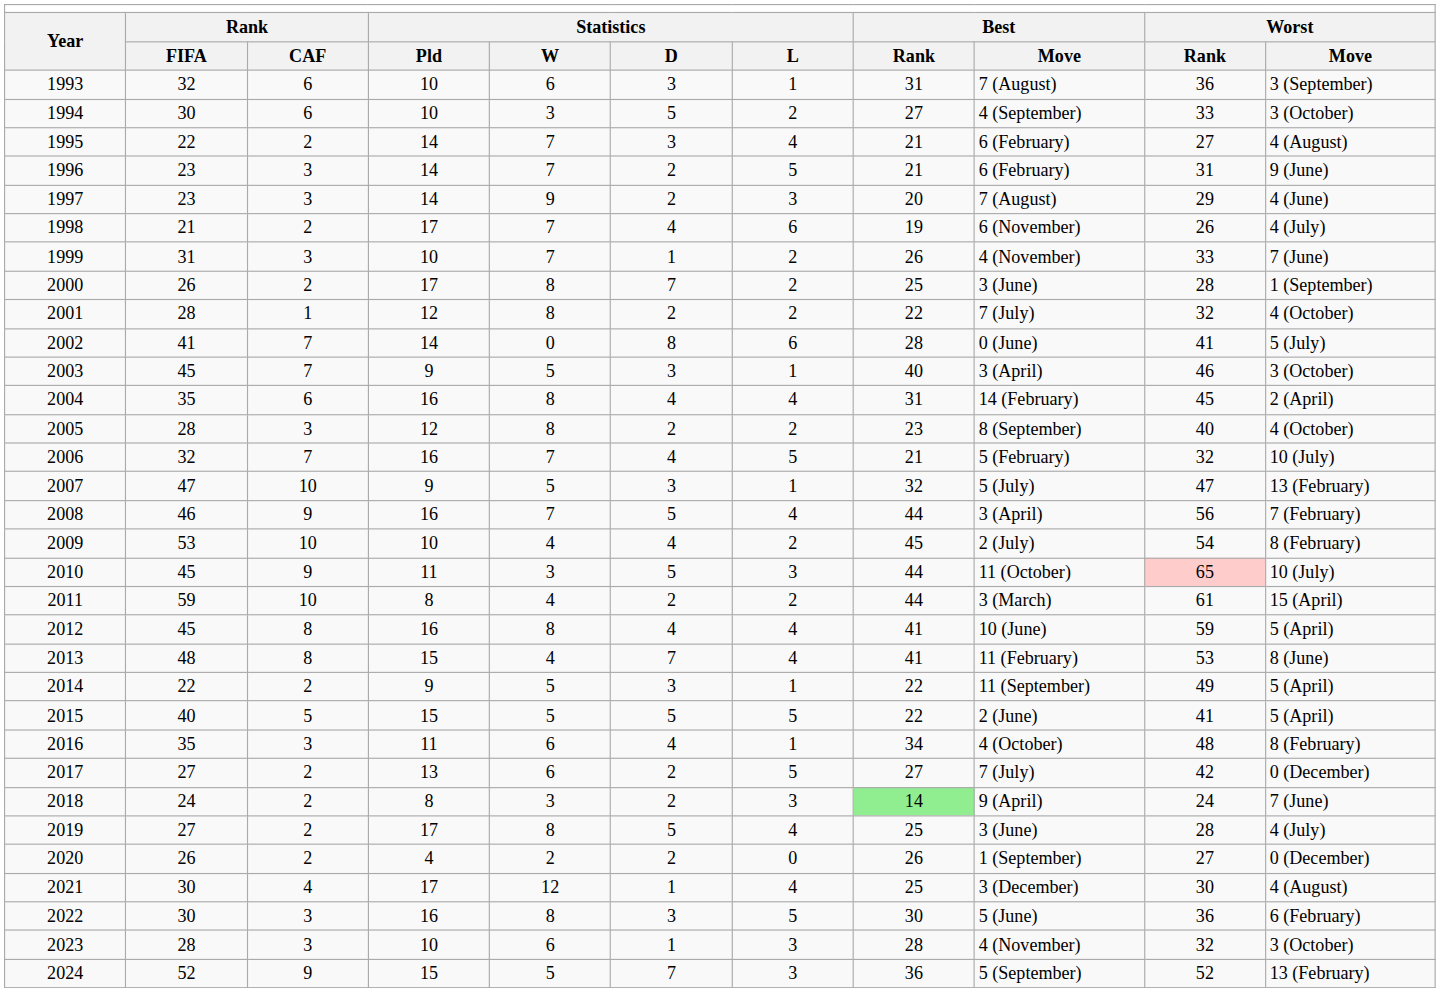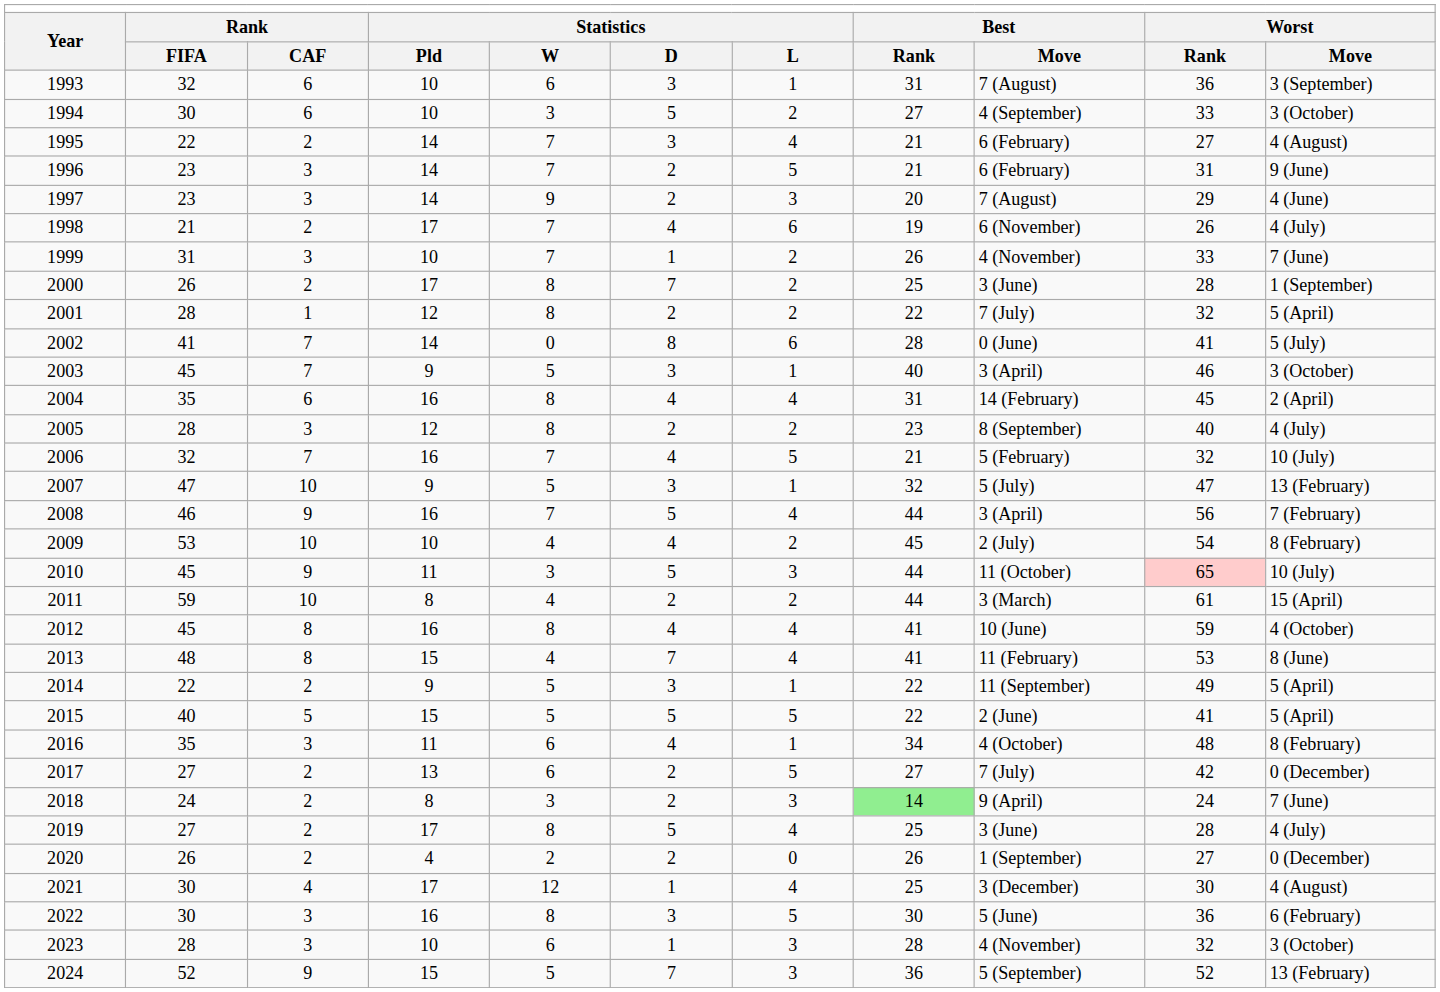 <table class="wikitable" style="text-align: center; width:80%">
 <tr>
 <th colspan="11" style="background:#FFFFFF; color:#E70013; "><a href='#'></a></th>
 </tr>
 <tr>
 <th rowspan="2" width="5%">Year</th>
 <th colspan="2">Rank</th>
 <th colspan="4">Statistics</th>
 <th colspan="2">Best</th>
 <th colspan="2">Worst</th>
 </tr>
 <tr>
 <th width="5%">FIFA</th>
 <th width="5%">CAF</th>
 <th width="5%">Pld</th>
 <th width="5%">W</th>
 <th width="5%">D</th>
 <th width="5%">L</th>
 <th width="5%">Rank</th>
 <th width="7%">Move</th>
 <th width="5%">Rank</th>
 <th width="7%">Move</th>
 </tr>
 <tr>
 <td>1993</td>
 <td>32</td>
 <td>6</td>
 <td>10</td>
 <td>6</td>
 <td>3</td>
 <td>1</td>
 <td>31</td>
 <td align="Left"> 7 (August)</td>
 <td>36</td>
 <td align="Left"> 3 (September)</td>
 </tr>
 <tr>
 <td>1994</td>
 <td>30</td>
 <td>6</td>
 <td>10</td>
 <td>3</td>
 <td>5</td>
 <td>2</td>
 <td>27</td>
 <td align="Left"> 4 (September)</td>
 <td>33</td>
 <td align="Left"> 3 (October)</td>
 </tr>
 <tr>
 <td>1995</td>
 <td>22</td>
 <td>2</td>
 <td>14</td>
 <td>7</td>
 <td>3</td>
 <td>4</td>
 <td>21</td>
 <td align="Left"> 6 (February)</td>
 <td>27</td>
 <td align="Left"> 4 (August)</td>
 </tr>
 <tr>
 <td>1996</td>
 <td>23</td>
 <td>3</td>
 <td>14</td>
 <td>7</td>
 <td>2</td>
 <td>5</td>
 <td>21</td>
 <td align="Left"> 6 (February)</td>
 <td>31</td>
 <td align="Left"> 9 (June)</td>
 </tr>
 <tr>
 <td>1997</td>
 <td>23</td>
 <td>3</td>
 <td>14</td>
 <td>9</td>
 <td>2</td>
 <td>3</td>
 <td>20</td>
 <td align="Left"> 7 (August)</td>
 <td>29</td>
 <td align="Left"> 4 (June)</td>
 </tr>
 <tr>
 <td>1998</td>
 <td>21</td>
 <td>2</td>
 <td>17</td>
 <td>7</td>
 <td>4</td>
 <td>6</td>
 <td>19</td>
 <td align="Left"> 6 (November)</td>
 <td>26</td>
 <td align="Left"> 4 (July)</td>
 </tr>
 <tr>
 <td>1999</td>
 <td>31</td>
 <td>3</td>
 <td>10</td>
 <td>7</td>
 <td>1</td>
 <td>2</td>
 <td>26</td>
 <td align="Left"> 4 (November)</td>
 <td>33</td>
 <td align="Left"> 7 (June)</td>
 </tr>
 <tr>
 <td>2000</td>
 <td>26</td>
 <td>2</td>
 <td>17</td>
 <td>8</td>
 <td>7</td>
 <td>2</td>
 <td>25</td>
 <td align="Left"> 3 (June)</td>
 <td>28</td>
 <td align="Left"> 1 (September)</td>
 </tr>
 <tr>
 <td>2001</td>
 <td>28</td>
 <td>1</td>
 <td>12</td>
 <td>8</td>
 <td>2</td>
 <td>2</td>
 <td>22</td>
 <td align="Left"> 7 (July)</td>
 <td>32</td>
-<td align="Left"> 4 (October)</td>
+<td align="Left"> 5 (April)</td>
 </tr>
 <tr>
 <td>2002</td>
 <td>41</td>
 <td>7</td>
 <td>14</td>
 <td>0</td>
 <td>8</td>
 <td>6</td>
 <td>28</td>
 <td align="Left"> 0 (June)</td>
 <td>41</td>
 <td align="Left"> 5 (July)</td>
 </tr>
 <tr>
 <td>2003</td>
 <td>45</td>
 <td>7</td>
 <td>9</td>
 <td>5</td>
 <td>3</td>
 <td>1</td>
 <td>40</td>
 <td align="Left"> 3 (April)</td>
 <td>46</td>
 <td align="Left"> 3 (October)</td>
 </tr>
 <tr>
 <td>2004</td>
 <td>35</td>
 <td>6</td>
 <td>16</td>
 <td>8</td>
 <td>4</td>
 <td>4</td>
 <td>31</td>
 <td align="Left"> 14 (February)</td>
 <td>45</td>
 <td align="Left"> 2 (April)</td>
 </tr>
 <tr>
 <td>2005</td>
 <td>28</td>
 <td>3</td>
 <td>12</td>
 <td>8</td>
 <td>2</td>
 <td>2</td>
 <td>23</td>
 <td align="Left"> 8 (September)</td>
 <td>40</td>
-<td align="Left"> 4 (October)</td>
+<td align="Left"> 4 (July)</td>
 </tr>
 <tr>
 <td>2006</td>
 <td>32</td>
 <td>7</td>
 <td>16</td>
 <td>7</td>
 <td>4</td>
 <td>5</td>
 <td>21</td>
 <td align="Left"> 5 (February)</td>
 <td>32</td>
 <td align="Left"> 10 (July)</td>
 </tr>
 <tr>
 <td>2007</td>
 <td>47</td>
 <td>10</td>
 <td>9</td>
 <td>5</td>
 <td>3</td>
 <td>1</td>
 <td>32</td>
 <td align="Left"> 5 (July)</td>
 <td>47</td>
 <td align="Left"> 13 (February)</td>
 </tr>
 <tr>
 <td>2008</td>
 <td>46</td>
 <td>9</td>
 <td>16</td>
 <td>7</td>
 <td>5</td>
 <td>4</td>
 <td>44</td>
 <td align="Left"> 3 (April)</td>
 <td>56</td>
 <td align="Left"> 7 (February)</td>
 </tr>
 <tr>
 <td>2009</td>
 <td>53</td>
 <td>10</td>
 <td>10</td>
 <td>4</td>
 <td>4</td>
 <td>2</td>
 <td>45</td>
 <td align="Left"> 2 (July)</td>
 <td>54</td>
 <td align="Left"> 8 (February)</td>
 </tr>
 <tr>
 <td>2010</td>
 <td>45</td>
 <td>9</td>
 <td>11</td>
 <td>3</td>
 <td>5</td>
 <td>3</td>
 <td>44</td>
 <td align="Left"> 11 (October)</td>
 <td style="background:#FFCCCC">65</td>
 <td align="Left"> 10 (July)</td>
 </tr>
 <tr>
 <td>2011</td>
 <td>59</td>
 <td>10</td>
 <td>8</td>
 <td>4</td>
 <td>2</td>
 <td>2</td>
 <td>44</td>
 <td align="Left"> 3 (March)</td>
 <td>61</td>
 <td align="Left"> 15 (April)</td>
 </tr>
 <tr>
 <td>2012</td>
 <td>45</td>
 <td>8</td>
 <td>16</td>
 <td>8</td>
 <td>4</td>
 <td>4</td>
 <td>41</td>
 <td align="Left"> 10 (June)</td>
 <td>59</td>
-<td align="Left"> 5 (April)</td>
+<td align="Left"> 4 (October)</td>
 </tr>
 <tr>
 <td>2013</td>
 <td>48</td>
 <td>8</td>
 <td>15</td>
 <td>4</td>
 <td>7</td>
 <td>4</td>
 <td>41</td>
 <td align="Left"> 11 (February)</td>
 <td>53</td>
 <td align="Left"> 8 (June)</td>
 </tr>
 <tr>
 <td>2014</td>
 <td>22</td>
 <td>2</td>
 <td>9</td>
 <td>5</td>
 <td>3</td>
 <td>1</td>
 <td>22</td>
 <td align="Left"> 11 (September)</td>
 <td>49</td>
 <td align="Left"> 5 (April)</td>
 </tr>
 <tr>
 <td>2015</td>
 <td>40</td>
 <td>5</td>
 <td>15</td>
 <td>5</td>
 <td>5</td>
 <td>5</td>
 <td>22</td>
 <td align="Left"> 2 (June)</td>
 <td>41</td>
 <td align="Left"> 5 (April)</td>
 </tr>
 <tr>
 <td>2016</td>
 <td>35</td>
 <td>3</td>
 <td>11</td>
 <td>6</td>
 <td>4</td>
 <td>1</td>
 <td>34</td>
 <td align="Left"> 4 (October)</td>
 <td>48</td>
 <td align="Left"> 8 (February)</td>
 </tr>
 <tr>
 <td>2017</td>
 <td>27</td>
 <td>2</td>
 <td>13</td>
 <td>6</td>
 <td>2</td>
 <td>5</td>
 <td>27</td>
 <td align="Left"> 7 (July)</td>
 <td>42</td>
 <td align="Left"> 0 (December)</td>
 </tr>
 <tr>
 <td>2018</td>
 <td>24</td>
 <td>2</td>
 <td>8</td>
 <td>3</td>
 <td>2</td>
 <td>3</td>
 <td style="background:#90EE90">14</td>
 <td align="Left"> 9 (April)</td>
 <td>24</td>
 <td align="Left"> 7 (June)</td>
 </tr>
 <tr>
 <td>2019</td>
 <td>27</td>
 <td>2</td>
 <td>17</td>
 <td>8</td>
 <td>5</td>
 <td>4</td>
 <td>25</td>
 <td align="Left"> 3 (June)</td>
 <td>28</td>
 <td align="Left"> 4 (July)</td>
 </tr>
 <tr>
 <td>2020</td>
 <td>26</td>
 <td>2</td>
 <td>4</td>
 <td>2</td>
 <td>2</td>
 <td>0</td>
 <td>26</td>
 <td align="Left"> 1 (September)</td>
 <td>27</td>
 <td align="Left"> 0 (December)</td>
 </tr>
 <tr>
 <td>2021</td>
 <td>30</td>
 <td>4</td>
 <td>17</td>
 <td>12</td>
 <td>1</td>
 <td>4</td>
 <td>25</td>
 <td align="Left"> 3 (December)</td>
 <td>30</td>
 <td align="Left"> 4 (August)</td>
 </tr>
 <tr>
 <td>2022</td>
 <td>30</td>
 <td>3</td>
 <td>16</td>
 <td>8</td>
 <td>3</td>
 <td>5</td>
 <td>30</td>
 <td align="Left"> 5 (June)</td>
 <td>36</td>
 <td align="Left"> 6 (February)</td>
 </tr>
 <tr>
 <td>2023</td>
 <td>28</td>
 <td>3</td>
 <td>10</td>
 <td>6</td>
 <td>1</td>
 <td>3</td>
 <td>28</td>
 <td align="Left"> 4 (November)</td>
 <td>32</td>
 <td align="Left"> 3 (October)</td>
 </tr>
 <tr>
 <td>2024</td>
 <td>52</td>
 <td>9</td>
 <td>15</td>
 <td>5</td>
 <td>7</td>
 <td>3</td>
 <td>36</td>
 <td align="Left"> 5 (September)</td>
 <td>52</td>
 <td align="Left"> 13 (February)</td>
 </tr>
 </table>
